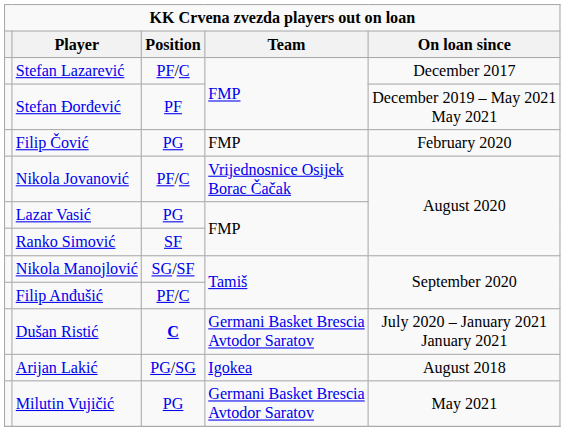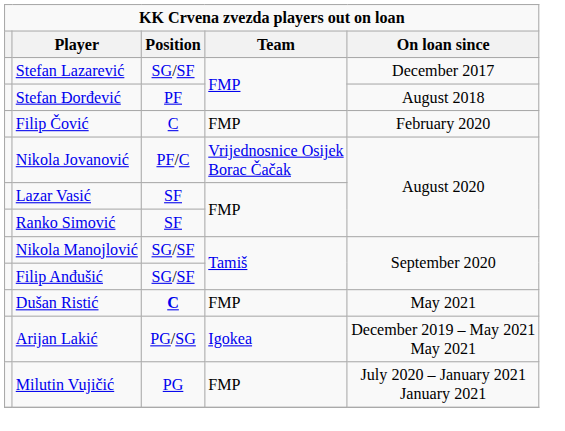 <table class="wikitable sortable" style="font-size: 95%; text-align:center;">
 <tr>
 <td colspan=6><strong>KK Crvena zvezda players out on loan</strong></td>
 </tr>
 <tr>
 <th></th>
 <th>Player</th>
 <th>Position</th>
 <th>Team</th>
 <th>On loan since</th>
 </tr>
 <tr>
 <td></td>
 <td style="text-align:left;"><a href='#'>Stefan Lazarević</a></td>
-<td><a href='#'>PF</a>/<a href='#'>C</a></td>
+<td><a href='#'>SG</a>/<a href='#'>SF</a></td>
 <td style="text-align:left;" rowspan=2> <a href='#'>FMP</a></td>
 <td>December 2017</td>
 </tr>
 <tr>
 <td></td>
 <td style="text-align:left;"><a href='#'>Stefan Đorđević</a></td>
 <td><a href='#'>PF</a></td>
-<td>December 2019 – May 2021<br>May 2021</td>
+<td>August 2018</td>
 </tr>
 <tr>
 <td></td>
 <td style="text-align:left;"><a href='#'>Filip Čović</a></td>
-<td><a href='#'>PG</a></td>
+<td><a href='#'>C</a></td>
 <td style="text-align:left;"> FMP</td>
 <td>February 2020</td>
 </tr>
 <tr>
 <td></td>
 <td style="text-align:left;"><a href='#'>Nikola Jovanović</a></td>
 <td><a href='#'>PF</a>/<a href='#'>C</a></td>
 <td style="text-align:left;"> <a href='#'>Vrijednosnice Osijek</a><br> <a href='#'>Borac Čačak</a></td>
 <td rowspan=3>August 2020</td>
 </tr>
 <tr>
 <td></td>
 <td style="text-align:left;"><a href='#'>Lazar Vasić</a></td>
-<td><a href='#'>PG</a></td>
+<td><a href='#'>SF</a></td>
 <td style="text-align:left;" rowspan=2> FMP</td>
 </tr>
 <tr>
 <td></td>
 <td style="text-align:left;"><a href='#'>Ranko Simović</a></td>
 <td><a href='#'>SF</a></td>
 </tr>
 <tr>
 <td></td>
 <td style="text-align:left;"><a href='#'>Nikola Manojlović</a></td>
 <td><a href='#'>SG</a>/<a href='#'>SF</a></td>
 <td style="text-align:left;" rowspan=2>  <a href='#'>Tamiš</a></td>
 <td rowspan=2>September 2020</td>
 </tr>
 <tr>
 <td></td>
 <td style="text-align:left;"><a href='#'>Filip Anđušić</a></td>
-<td><a href='#'>PF</a>/<a href='#'>C</a></td>
+<td><a href='#'>SG</a>/<a href='#'>SF</a></td>
 </tr>
 <tr>
 <td></td>
 <td style="text-align:left;"><a href='#'>Dušan Ristić</a></td>
 <td><strong><a href='#'>C</a></strong></td>
-<td style="text-align:left;"> <a href='#'>Germani Basket Brescia</a><br> <a href='#'>Avtodor Saratov</a></td>
-<td>July 2020 – January 2021<br>January 2021</td>
+<td style="text-align:left;"> FMP</td>
+<td>May 2021</td>
 </tr>
 <tr>
 <td></td>
 <td style="text-align:left;"><a href='#'>Arijan Lakić</a></td>
 <td><a href='#'>PG</a>/<a href='#'>SG</a></td>
 <td style="text-align:left;"> <a href='#'>Igokea</a></td>
-<td>August 2018</td>
+<td>December 2019 – May 2021<br>May 2021</td>
 </tr>
 <tr>
 <td></td>
 <td style="text-align:left;"><a href='#'>Milutin Vujičić</a></td>
 <td><a href='#'>PG</a></td>
-<td style="text-align:left;"> <a href='#'>Germani Basket Brescia</a><br> <a href='#'>Avtodor Saratov</a></td>
-<td>May 2021</td>
+<td style="text-align:left;"> FMP</td>
+<td>July 2020 – January 2021<br>January 2021</td>
 </tr>
 <tr>
 </tr>
 </table>
